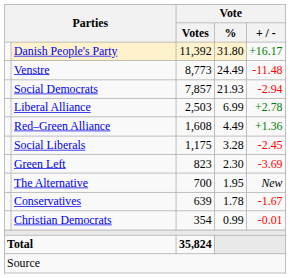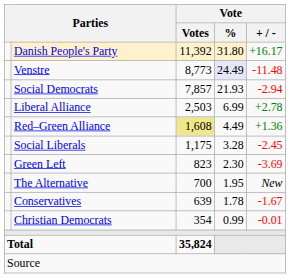 <table class="wikitable" style="text-align:right;">
 <tr>
 <th style="text-align:centre;" rowspan="2" colspan="2" width="225">Parties</th>
 <th colspan="3">Vote</th>
 </tr>
 <tr>
 <th width="15">Votes</th>
 <th width="15">%</th>
 <th width="15">+ / -</th>
 </tr>
 <tr>
 <td width="2" style="color:inherit;background:"></td>
 <td bgcolor=#fef2cc  align="left"><a href='#'>Danish People's Party</a></td>
 <td bgcolor=#fef2cc>11,392</td>
 <td bgcolor=#fef2cc>31.80</td>
 <td style=color:green;>+16.17</td>
 </tr>
 <tr>
 <td width="2" style="color:inherit;background:"></td>
 <td align="left"><a href='#'>Venstre</a></td>
 <td>8,773</td>
-<td>24.49</td>
+<td style="background: lavender;">24.49</td>
 <td style=color:red;>-11.48</td>
 </tr>
 <tr>
 <td width="2" style="color:inherit;background:"></td>
 <td align="left"><a href='#'>Social Democrats</a></td>
 <td>7,857</td>
 <td>21.93</td>
 <td style=color:red;>-2.94</td>
 </tr>
 <tr>
 <td width="2" style="color:inherit;background:"></td>
 <td align="left"><a href='#'>Liberal Alliance</a></td>
 <td>2,503</td>
 <td>6.99</td>
 <td style=color:green;>+2.78</td>
 </tr>
 <tr>
 <td width="2" style="color:inherit;background:"></td>
 <td align="left"><a href='#'>Red–Green Alliance</a></td>
-<td>1,608</td>
+<td style="background: khaki;">1,608</td>
 <td>4.49</td>
 <td style=color:green;>+1.36</td>
 </tr>
 <tr>
 <td width="2" style="color:inherit;background:"></td>
 <td align="left"><a href='#'>Social Liberals</a></td>
 <td>1,175</td>
 <td>3.28</td>
 <td style=color:red;>-2.45</td>
 </tr>
 <tr>
 <td width="2" style="color:inherit;background:"></td>
 <td align="left"><a href='#'>Green Left</a></td>
 <td>823</td>
 <td>2.30</td>
 <td style=color:red;>-3.69</td>
 </tr>
 <tr>
 <td width="2" style="color:inherit;background:"></td>
 <td align="left"><a href='#'>The Alternative</a></td>
 <td>700</td>
 <td>1.95</td>
 <td><em>New</em></td>
 </tr>
 <tr>
 <td width="2" style="color:inherit;background:"></td>
 <td align="left"><a href='#'>Conservatives</a></td>
 <td>639</td>
 <td>1.78</td>
 <td style=color:red;>-1.67</td>
 </tr>
 <tr>
 <td width="2" style="color:inherit;background:"></td>
 <td align="left"><a href='#'>Christian Democrats</a></td>
 <td>354</td>
 <td>0.99</td>
 <td style=color:red;>-0.01</td>
 </tr>
 <tr>
 <td colspan="7" bgcolor="#E9E9E9"></td>
 </tr>
 <tr>
 <td align="left" colspan="2"><strong>Total</strong></td>
 <td><strong>35,824</strong></td>
 <td bgcolor="#E9E9E9" colspan="2"></td>
 </tr>
 <tr>
 <td align="left" colspan="6">Source</td>
 </tr>
 </table>
